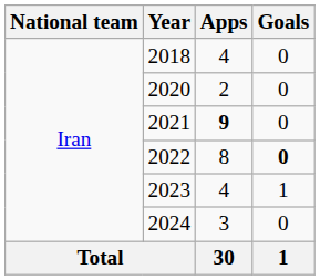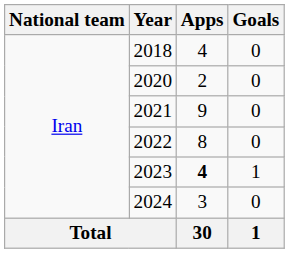 <table class=wikitable style=text-align:center>
 <tr>
 <th>National team</th>
 <th>Year</th>
 <th>Apps</th>
 <th>Goals</th>
 </tr>
 <tr>
 <td rowspan=6><a href='#'>Iran</a></td>
 <td>2018</td>
 <td>4</td>
 <td>0</td>
 </tr>
 <tr>
 <td>2020</td>
 <td>2</td>
 <td>0</td>
 </tr>
 <tr>
 <td>2021</td>
-<td><strong>9</strong></td>
+<td>9</td>
 <td>0</td>
 </tr>
 <tr>
 <td>2022</td>
 <td>8</td>
-<td><strong>0</strong></td>
+<td>0</td>
 </tr>
 <tr>
 <td>2023</td>
-<td>4</td>
+<td><strong>4</strong></td>
 <td>1</td>
 </tr>
 <tr>
 <td>2024</td>
 <td>3</td>
 <td>0</td>
 </tr>
 <tr>
 <th colspan=2>Total</th>
 <th>30</th>
 <th>1</th>
 </tr>
 </table>
